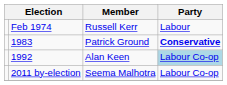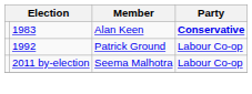 <table class="wikitable">
 <tr>
 <th colspan="2">Election</th>
 <th>Member</th>
 <th>Party</th>
 </tr>
 <tr>
 <td style="color:inherit;background-color: "></td>
-<td><a href='#'>Feb 1974</a></td>
-<td><a href='#'>Russell Kerr</a></td>
-<td><a href='#'>Labour</a></td>
-</tr>
-<tr>
-<td style="color:inherit;background-color: "></td>
 <td><a href='#'>1983</a></td>
-<td><a href='#'>Patrick Ground</a></td>
+<td><a href='#'>Alan Keen</a></td>
 <td><strong><a href='#'>Conservative</a></strong></td>
 </tr>
 <tr>
 <td style="color:inherit;background-color: "></td>
 <td><a href='#'>1992</a></td>
-<td><a href='#'>Alan Keen</a></td>
-<td style="background: lightblue;"><a href='#'>Labour Co-op</a></td>
+<td><a href='#'>Patrick Ground</a></td>
+<td><a href='#'>Labour Co-op</a></td>
 </tr>
 <tr>
 <td style="color:inherit;background-color: "></td>
 <td><a href='#'>2011 by-election</a></td>
 <td><a href='#'>Seema Malhotra</a></td>
 <td><a href='#'>Labour Co-op</a></td>
 </tr>
 <tr>
 </tr>
 </table>
